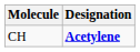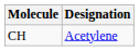 <table class="wikitable sortable">
 <tr>
 <th scope="col">Molecule</th>
 <th scope="col">Designation</th>
 </tr>
 <tr>
 <td>CH</td>
-<td><strong><a href='#'>Acetylene</a></strong></td>
+<td><a href='#'>Acetylene</a></td>
 </tr>
 </table>
